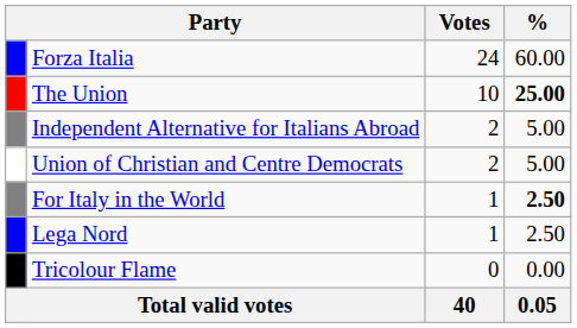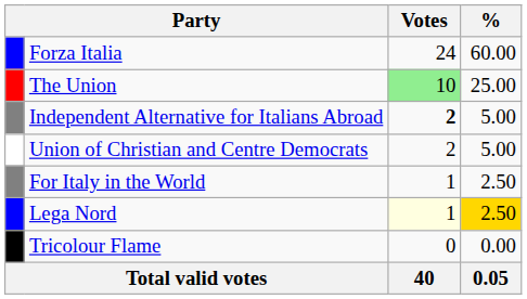 <table class="wikitable">
 <tr>
 <th colspan="2" style="width: 130px">Party</th>
 <th style="width: 50px">Votes</th>
 <th style="width: 40px">%</th>
 </tr>
 <tr>
 <td style="background-color:blue">  </td>
 <td style="text-align: left"><a href='#'>Forza Italia</a></td>
 <td style="text-align: right">24</td>
 <td style="text-align: right">60.00</td>
 </tr>
 <tr>
 <td style="background-color:red">  </td>
 <td style="text-align: left"><a href='#'>The Union</a></td>
-<td style="text-align: right">10</td>
-<td style="text-align: right"><strong>25.00</strong></td>
+<td style="background: lightgreen; text-align: right">10</td>
+<td style="text-align: right">25.00</td>
 </tr>
 <tr>
 <td style="background-color:grey">  </td>
 <td style="text-align: left"><a href='#'>Independent Alternative for Italians Abroad</a></td>
-<td align="right">2</td>
+<td align="right"><strong>2</strong></td>
 <td align="right">5.00</td>
 </tr>
 <tr>
 <td style="background-color:white">  </td>
 <td style="text-align: left"><a href='#'>Union of Christian and Centre Democrats</a></td>
 <td align="right">2</td>
 <td align="right">5.00</td>
 </tr>
 <tr>
 <td style="background-color:grey">  </td>
 <td style="text-align: left"><a href='#'>For Italy in the World</a></td>
 <td align="right">1</td>
-<td align="right"><strong>2.50</strong></td>
+<td align="right">2.50</td>
 </tr>
 <tr>
 <td style="background-color:blue">  </td>
 <td style="text-align: left"><a href='#'>Lega Nord</a></td>
-<td align="right">1</td>
-<td align="right">2.50</td>
+<td align="right" style="background: lightyellow;">1</td>
+<td align="right" style="background: gold;">2.50</td>
 </tr>
 <tr>
 <td style="background-color:black">  </td>
 <td style="text-align: left"><a href='#'>Tricolour Flame</a></td>
 <td align="right">0</td>
 <td align="right">0.00</td>
 </tr>
 <tr bgcolor="white">
 <th align="right" colspan=2>Total valid votes</th>
 <th align="right">40</th>
 <th align="right">0.05</th>
 </tr>
 </table>
